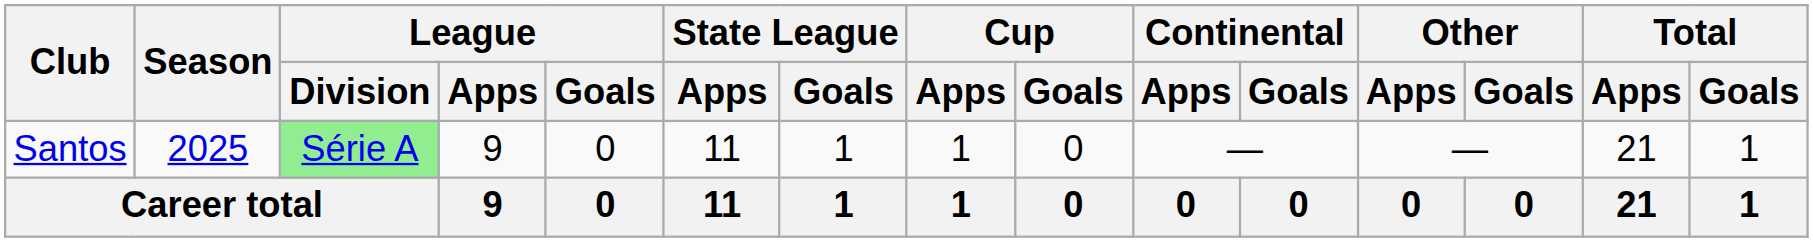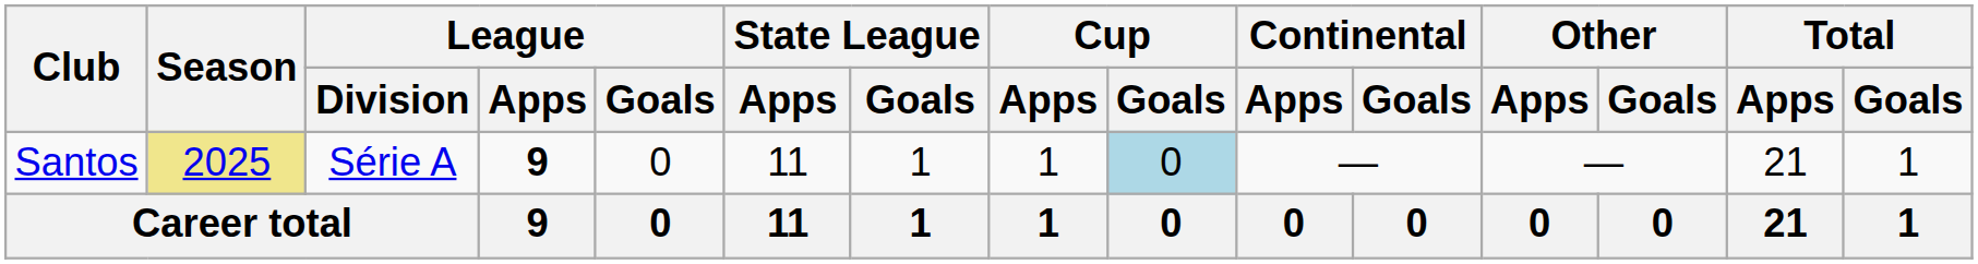 <table class="wikitable" style="text-align: center">
 <tr>
 <th rowspan="2">Club</th>
 <th rowspan="2">Season</th>
 <th colspan="3">League</th>
 <th colspan="2">State League</th>
 <th colspan="2">Cup</th>
 <th colspan="2">Continental</th>
 <th colspan="2">Other</th>
 <th colspan="2">Total</th>
 </tr>
 <tr>
 <th>Division</th>
 <th>Apps</th>
 <th>Goals</th>
 <th>Apps</th>
 <th>Goals</th>
 <th>Apps</th>
 <th>Goals</th>
 <th>Apps</th>
 <th>Goals</th>
 <th>Apps</th>
 <th>Goals</th>
 <th>Apps</th>
 <th>Goals</th>
 </tr>
 <tr>
 <td rowspan="1"><a href='#'>Santos</a></td>
-<td><a href='#'>2025</a></td>
-<td style="background: lightgreen;"><a href='#'>Série A</a></td>
-<td>9</td>
+<td style="background: khaki;"><a href='#'>2025</a></td>
+<td><a href='#'>Série A</a></td>
+<td><strong>9</strong></td>
 <td>0</td>
 <td>11</td>
 <td>1</td>
 <td>1</td>
-<td>0</td>
+<td style="background: lightblue;">0</td>
 <td colspan="2">—</td>
 <td colspan="2">—</td>
 <td>21</td>
 <td>1</td>
 </tr>
 <tr>
 <th colspan="3"><strong>Career total</strong></th>
 <th>9</th>
 <th>0</th>
 <th>11</th>
 <th>1</th>
 <th>1</th>
 <th>0</th>
 <th>0</th>
 <th>0</th>
 <th>0</th>
 <th>0</th>
 <th>21</th>
 <th>1</th>
 </tr>
 </table>
